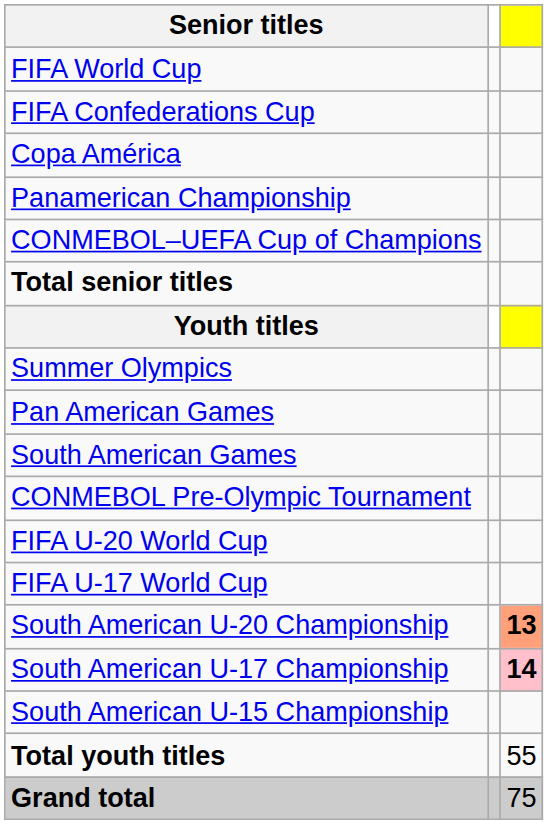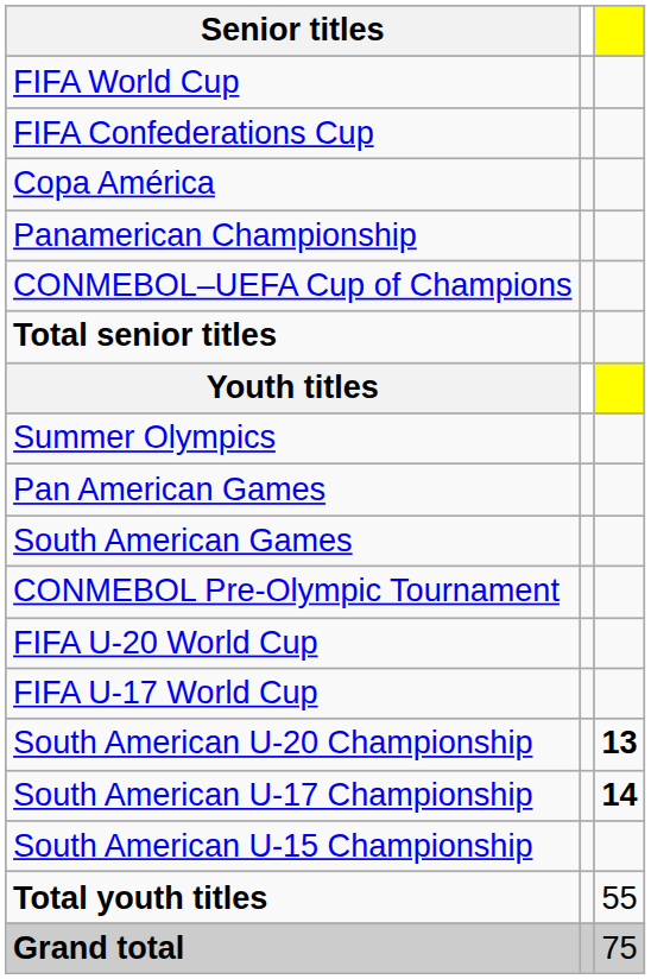 <table class="wikitable">
 <tr>
 <th>Senior titles</th>
 <th style= "background:#FFFFFF; color:#4A8FD2"></th>
 <th style="color:#009B3A; background-color:#FFFF00;"></th>
 </tr>
 <tr>
 <td><a href='#'>FIFA World Cup</a></td>
 <td></td>
 <td></td>
 </tr>
 <tr>
 <td><a href='#'>FIFA Confederations Cup</a></td>
 <td></td>
 <td></td>
 </tr>
 <tr>
 <td><a href='#'>Copa América</a></td>
 <td></td>
 <td></td>
 </tr>
 <tr>
 <td><a href='#'>Panamerican Championship</a></td>
 <td></td>
 <td></td>
 </tr>
 <tr>
 <td><a href='#'>CONMEBOL–UEFA Cup of Champions</a></td>
 <td></td>
 <td></td>
 </tr>
 <tr>
 <td><strong>Total senior titles</strong></td>
 <td></td>
 <td></td>
 </tr>
 <tr>
 <th>Youth titles</th>
 <th style="background:#FFFFFF; color:#4A8FD2"></th>
 <th style="background:#FFFF00; color:#009B3A"></th>
 </tr>
 <tr>
 <td><a href='#'>Summer Olympics</a></td>
 <td></td>
 <td></td>
 </tr>
 <tr>
 <td><a href='#'>Pan American Games</a></td>
 <td></td>
 <td></td>
 </tr>
 <tr>
 <td><a href='#'>South American Games</a></td>
 <td></td>
 <td></td>
 </tr>
 <tr>
 <td><a href='#'>CONMEBOL Pre-Olympic Tournament</a></td>
 <td></td>
 <td></td>
 </tr>
 <tr>
 <td><a href='#'>FIFA U-20 World Cup</a></td>
 <td></td>
 <td></td>
 </tr>
 <tr>
 <td><a href='#'>FIFA U-17 World Cup</a></td>
 <td></td>
 <td></td>
 </tr>
 <tr>
 <td><a href='#'>South American U-20 Championship</a></td>
 <td></td>
-<td style="background: lightsalmon;"><strong>13</strong></td>
+<td><strong>13</strong></td>
 </tr>
 <tr>
 <td><a href='#'>South American U-17 Championship</a></td>
 <td></td>
-<td style="background: pink;"><strong>14</strong></td>
+<td><strong>14</strong></td>
 </tr>
 <tr>
 <td><a href='#'>South American U-15 Championship</a></td>
 <td></td>
 <td></td>
 </tr>
 <tr>
 <td><strong>Total youth titles</strong></td>
 <td></td>
 <td>55</td>
 </tr>
 <tr style="background:#cccccc">
 <td><strong>Grand total</strong></td>
 <td></td>
 <td>75</td>
 </tr>
 </table>
